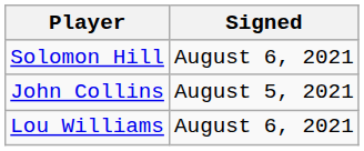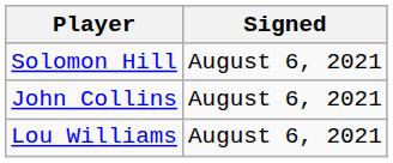 <table class="wikitable sortable sortable" style="text-align: center;">
 <tr>
 <th>Player</th>
 <th>Signed</th>
 </tr>
 <tr>
 <td><a href='#'>Solomon Hill</a></td>
 <td>August 6, 2021</td>
 </tr>
 <tr>
 <td><a href='#'>John Collins</a></td>
-<td>August 5, 2021</td>
+<td>August 6, 2021</td>
 </tr>
 <tr>
 <td><a href='#'>Lou Williams</a></td>
 <td>August 6, 2021</td>
 </tr>
 </table>
